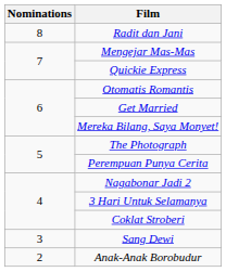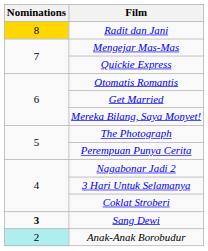 <table class="wikitable">
 <tr>
 <th>Nominations</th>
 <th>Film</th>
 </tr>
 <tr>
-<td style="text-align:center">8</td>
+<td style="background: gold; text-align:center">8</td>
 <td style="text-align:center"><em><a href='#'>Radit dan Jani</a></em></td>
 </tr>
 <tr>
 <td style="text-align:center" rowspan= "2">7</td>
 <td style="text-align:center"><em><a href='#'>Mengejar Mas-Mas</a></em></td>
 </tr>
 <tr>
 <td style="text-align:center"><em><a href='#'>Quickie Express</a></em></td>
 </tr>
 <tr>
 <td style="text-align:center" rowspan= "3">6</td>
 <td style="text-align:center"><em><a href='#'>Otomatis Romantis</a></em></td>
 </tr>
 <tr>
 <td style="text-align:center"><em><a href='#'>Get Married</a></em></td>
 </tr>
 <tr>
 <td style="text-align:center"><em><a href='#'>Mereka Bilang, Saya Monyet!</a></em></td>
 </tr>
 <tr>
 <td style="text-align:center" rowspan= "2">5</td>
 <td style="text-align:center"><em><a href='#'>The Photograph</a></em></td>
 </tr>
 <tr>
 <td style="text-align:center"><em><a href='#'>Perempuan Punya Cerita</a></em></td>
 </tr>
 <tr>
 <td style="text-align:center" rowspan= "3">4</td>
 <td style="text-align:center"><em><a href='#'>Nagabonar Jadi 2</a></em></td>
 </tr>
 <tr>
 <td style="text-align:center"><em><a href='#'>3 Hari Untuk Selamanya</a></em></td>
 </tr>
 <tr>
 <td style="text-align:center"><em><a href='#'>Coklat Stroberi</a></em></td>
 </tr>
 <tr>
-<td style="text-align:center">3</td>
+<td style="text-align:center"><strong>3</strong></td>
 <td style="text-align:center"><em><a href='#'>Sang Dewi</a></em></td>
 </tr>
 <tr>
-<td style="text-align:center">2</td>
+<td style="background: paleturquoise; text-align:center">2</td>
 <td style="text-align:center"><em>Anak-Anak Borobudur</em></td>
 </tr>
 </table>
